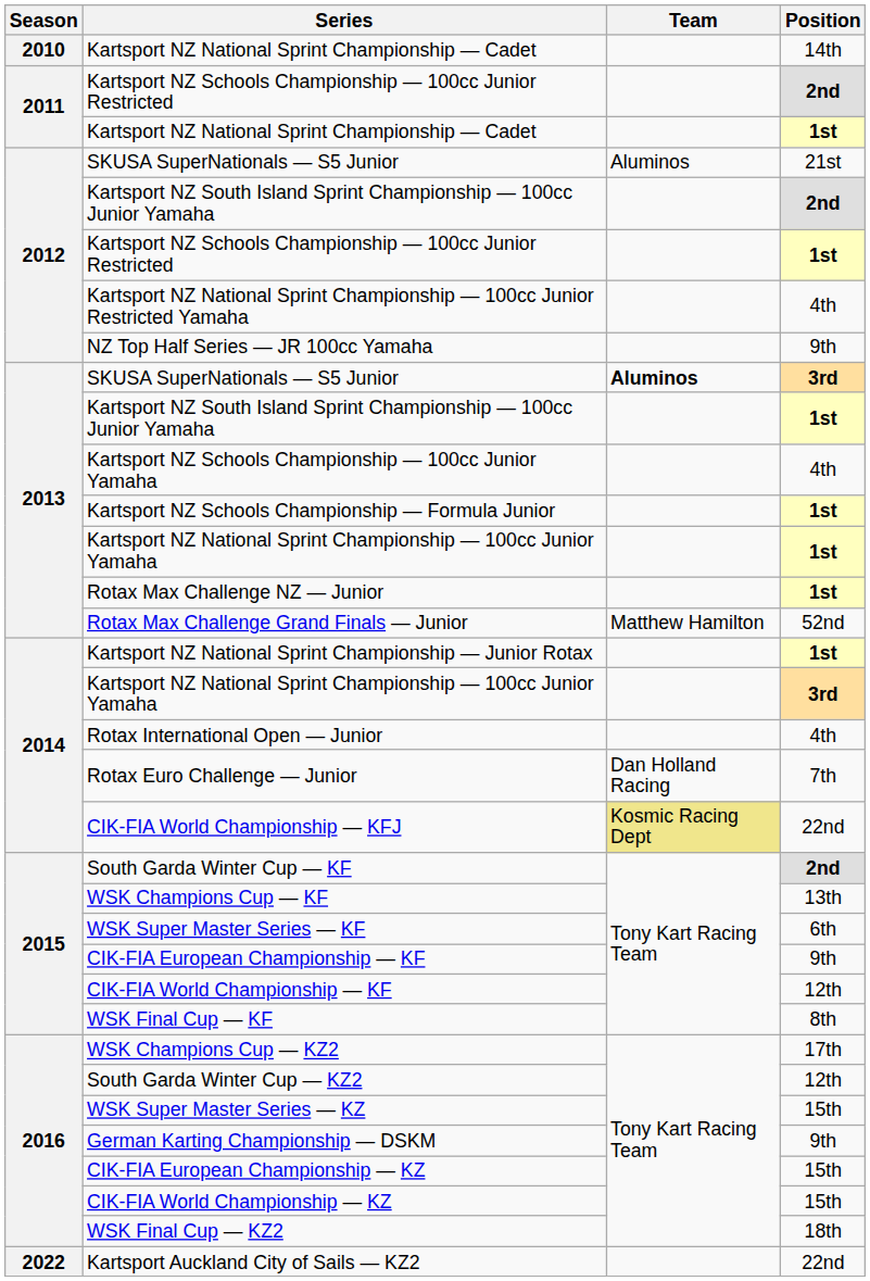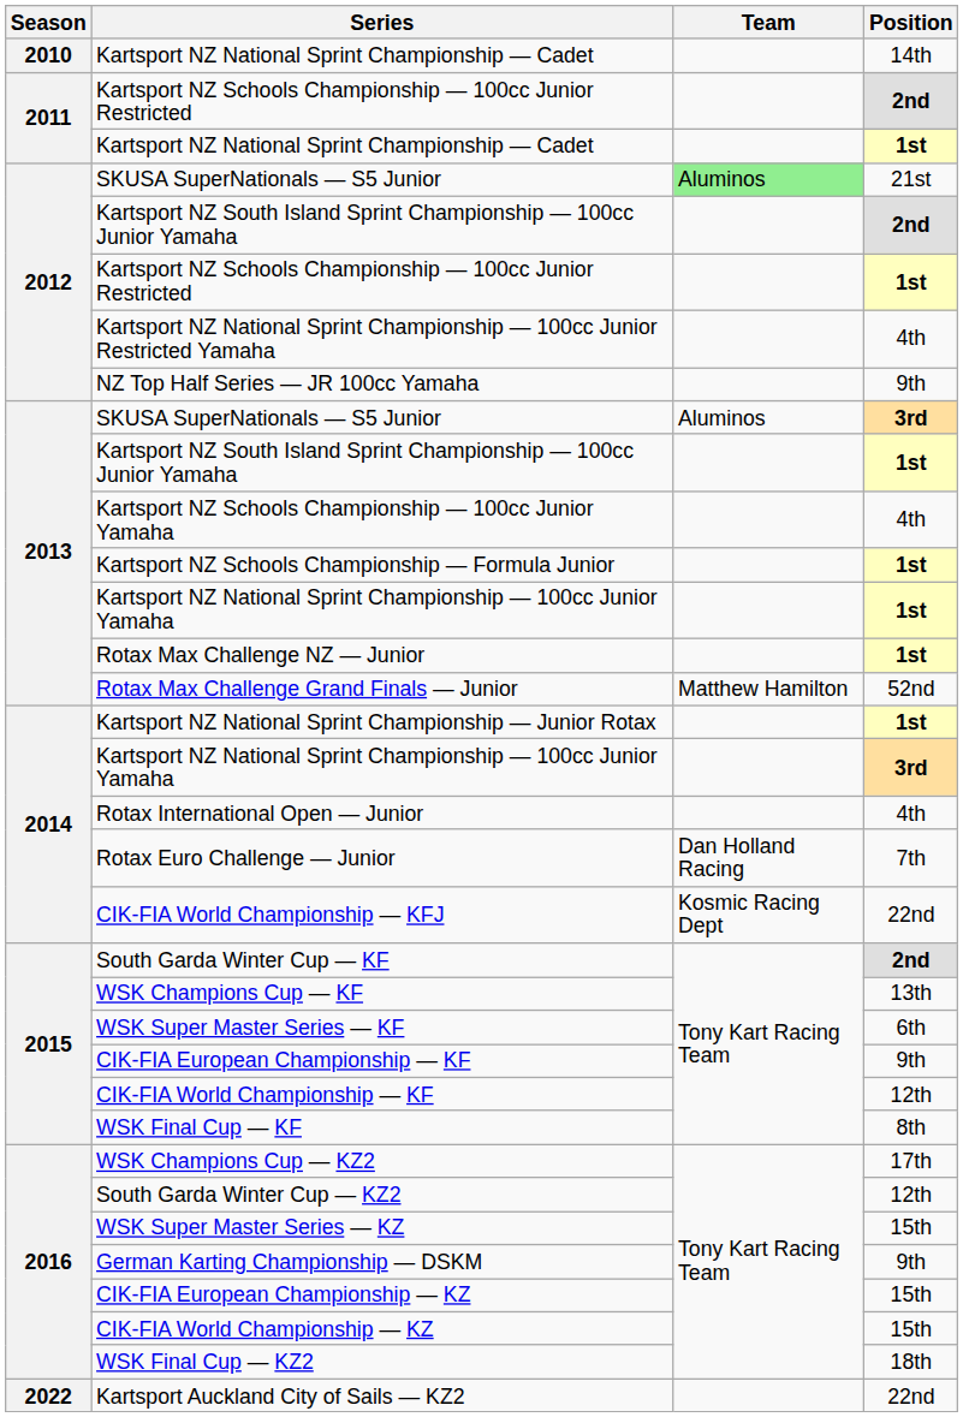 <table class="wikitable" style="font-size: 85%; text-align:center">
 <tr>
 <th>Season</th>
 <th>Series</th>
 <th>Team</th>
 <th>Position</th>
 </tr>
 <tr>
 <th>2010</th>
 <td align="left">Kartsport NZ National Sprint Championship — Cadet</td>
 <td align="left"></td>
 <td>14th</td>
 </tr>
 <tr>
 <th rowspan="2">2011</th>
 <td align="left">Kartsport NZ Schools Championship — 100cc Junior Restricted</td>
 <td align="left"></td>
 <td style="background:#DFDFDF;"><strong>2nd</strong></td>
 </tr>
 <tr>
 <td align="left">Kartsport NZ National Sprint Championship — Cadet</td>
 <td align="left"></td>
 <td style="background:#FFFFBF;"><strong>1st</strong></td>
 </tr>
 <tr>
 <th rowspan="5">2012</th>
 <td align="left">SKUSA SuperNationals — S5 Junior</td>
-<td align="left">Aluminos</td>
+<td align="left" style="background: lightgreen;">Aluminos</td>
 <td>21st</td>
 </tr>
 <tr>
 <td align="left">Kartsport NZ South Island Sprint Championship — 100cc Junior Yamaha</td>
 <td align="left"></td>
 <td style="background:#DFDFDF;"><strong>2nd</strong></td>
 </tr>
 <tr>
 <td align="left">Kartsport NZ Schools Championship — 100cc Junior Restricted</td>
 <td align="left"></td>
 <td style="background:#FFFFBF;"><strong>1st</strong></td>
 </tr>
 <tr>
 <td align="left">Kartsport NZ National Sprint Championship — 100cc Junior Restricted Yamaha</td>
 <td align="left"></td>
 <td>4th</td>
 </tr>
 <tr>
 <td align="left">NZ Top Half Series — JR 100cc Yamaha</td>
 <td align="left"></td>
 <td>9th</td>
 </tr>
 <tr>
 <th rowspan="7">2013</th>
 <td align="left">SKUSA SuperNationals — S5 Junior</td>
-<td align="left"><strong>Aluminos</strong></td>
+<td align="left">Aluminos</td>
 <td style="background:#FFDF9F;"><strong>3rd</strong></td>
 </tr>
 <tr>
 <td align="left">Kartsport NZ South Island Sprint Championship — 100cc Junior Yamaha</td>
 <td></td>
 <td style="background:#FFFFBF;"><strong>1st</strong></td>
 </tr>
 <tr>
 <td align="left">Kartsport NZ Schools Championship — 100cc Junior Yamaha</td>
 <td align="left"></td>
 <td>4th</td>
 </tr>
 <tr>
 <td align="left">Kartsport NZ Schools Championship — Formula Junior</td>
 <td align="left"></td>
 <td style="background:#FFFFBF;"><strong>1st</strong></td>
 </tr>
 <tr>
 <td align="left">Kartsport NZ National Sprint Championship — 100cc Junior Yamaha</td>
 <td align="left"></td>
 <td style="background:#FFFFBF;"><strong>1st</strong></td>
 </tr>
 <tr>
 <td align="left">Rotax Max Challenge NZ — Junior</td>
 <td align="left"></td>
 <td style="background:#FFFFBF;"><strong>1st</strong></td>
 </tr>
 <tr>
 <td align="left"><a href='#'>Rotax Max Challenge Grand Finals</a> — Junior</td>
 <td align="left">Matthew Hamilton</td>
 <td>52nd</td>
 </tr>
 <tr>
 <th rowspan="5">2014</th>
 <td align="left">Kartsport NZ National Sprint Championship — Junior Rotax</td>
 <td></td>
 <td style="background:#FFFFBF;"><strong>1st</strong></td>
 </tr>
 <tr>
 <td align="left">Kartsport NZ National Sprint Championship — 100cc Junior Yamaha</td>
 <td></td>
 <td style="background:#FFDF9F;"><strong>3rd</strong></td>
 </tr>
 <tr>
 <td align="left">Rotax International Open — Junior</td>
 <td></td>
 <td>4th</td>
 </tr>
 <tr>
 <td align="left">Rotax Euro Challenge — Junior</td>
 <td align="left">Dan Holland Racing</td>
 <td>7th</td>
 </tr>
 <tr>
 <td align="left"><a href='#'>CIK-FIA World Championship</a> — <a href='#'>KFJ</a></td>
-<td align="left" style="background: khaki;">Kosmic Racing Dept</td>
+<td align="left">Kosmic Racing Dept</td>
 <td>22nd</td>
 </tr>
 <tr>
 <th rowspan="6">2015</th>
 <td align="left">South Garda Winter Cup — <a href='#'>KF</a></td>
 <td rowspan="6"  align="left">Tony Kart Racing Team</td>
 <td style="background:#DFDFDF;"><strong>2nd</strong></td>
 </tr>
 <tr>
 <td align="left"><a href='#'>WSK Champions Cup</a> — <a href='#'>KF</a></td>
 <td>13th</td>
 </tr>
 <tr>
 <td align="left"><a href='#'>WSK Super Master Series</a> — <a href='#'>KF</a></td>
 <td>6th</td>
 </tr>
 <tr>
 <td align="left"><a href='#'>CIK-FIA European Championship</a> — <a href='#'>KF</a></td>
 <td>9th</td>
 </tr>
 <tr>
 <td align="left"><a href='#'>CIK-FIA World Championship</a> — <a href='#'>KF</a></td>
 <td>12th</td>
 </tr>
 <tr>
 <td align="left"><a href='#'>WSK Final Cup</a> — <a href='#'>KF</a></td>
 <td>8th</td>
 </tr>
 <tr>
 <th rowspan="7">2016</th>
 <td align="left"><a href='#'>WSK Champions Cup</a> — <a href='#'>KZ2</a></td>
 <td rowspan="7"  align="left">Tony Kart Racing Team</td>
 <td>17th</td>
 </tr>
 <tr>
 <td align="left">South Garda Winter Cup — <a href='#'>KZ2</a></td>
 <td>12th</td>
 </tr>
 <tr>
 <td align="left"><a href='#'>WSK Super Master Series</a> — <a href='#'>KZ</a></td>
 <td>15th</td>
 </tr>
 <tr>
 <td align="left"><a href='#'>German Karting Championship</a> — DSKM</td>
 <td>9th</td>
 </tr>
 <tr>
 <td align="left"><a href='#'>CIK-FIA European Championship</a> — <a href='#'>KZ</a></td>
 <td>15th</td>
 </tr>
 <tr>
 <td align="left"><a href='#'>CIK-FIA World Championship</a> — <a href='#'>KZ</a></td>
 <td>15th</td>
 </tr>
 <tr>
 <td align="left"><a href='#'>WSK Final Cup</a> — <a href='#'>KZ2</a></td>
 <td>18th</td>
 </tr>
 <tr>
 <th>2022</th>
 <td align="left">Kartsport Auckland City of Sails — KZ2</td>
 <td></td>
 <td>22nd</td>
 </tr>
 </table>
